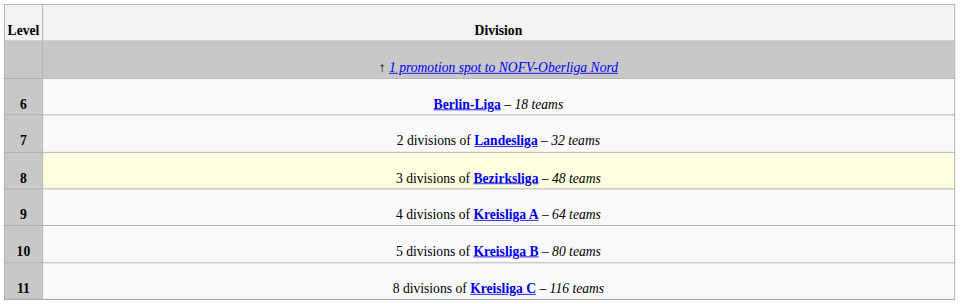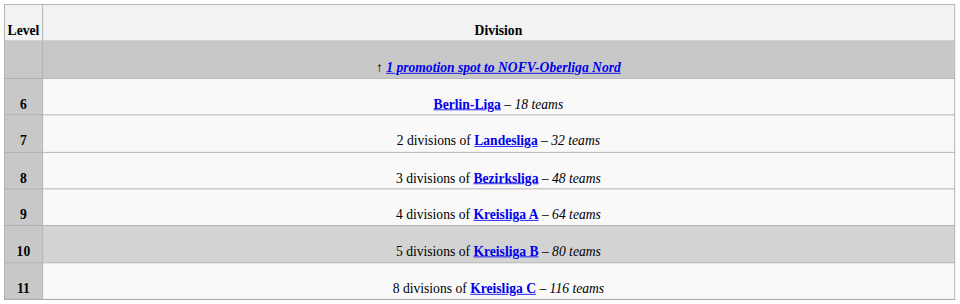 <table class="wikitable" style="text-align:center">
 <tr>
 <th colspan="1" width="4%"><br>Level</th>
 <th colspan="1"><br>Division</th>
 </tr>
 <tr style="background:#c8c8c8">
 <td colspan="1"></td>
-<td colspan="1"><br><em>↑ <a href='#'>1 promotion spot to NOFV-Oberliga Nord</a></em></td>
+<td colspan="1"><strong><br><em>↑ <a href='#'>1 promotion spot to NOFV-Oberliga Nord</a></em></strong></td>
 </tr>
 <tr>
 <td colspan="1" style="background:#c8c8c8"><br><strong>6</strong></td>
 <td colspan="1"><br><strong><a href='#'>Berlin-Liga</a></strong> – <em>18 teams</em></td>
 </tr>
 <tr>
 <td colspan="1" style="background:#c8c8c8"><br><strong>7</strong></td>
 <td colspan="1"><br>2 divisions of <strong><a href='#'>Landesliga</a></strong> – <em>32 teams</em></td>
 </tr>
 <tr>
 <td colspan="1" style="background:#c8c8c8"><br><strong>8</strong></td>
-<td colspan="1" style="background: lightyellow;"><br>3 divisions of <strong><a href='#'>Bezirksliga</a></strong> – <em>48 teams</em></td>
+<td colspan="1"><br>3 divisions of <strong><a href='#'>Bezirksliga</a></strong> – <em>48 teams</em></td>
 </tr>
 <tr>
 <td colspan="1" style="background:#c8c8c8"><br><strong>9</strong></td>
 <td colspan="1"><br>4 divisions of <strong><a href='#'>Kreisliga A</a></strong> – <em>64 teams</em></td>
 </tr>
 <tr>
 <td colspan="1" style="background:#c8c8c8"><br><strong>10</strong></td>
-<td colspan="1"><br>5 divisions of <strong><a href='#'>Kreisliga B</a></strong> – <em>80 teams</em></td>
+<td colspan="1" style="background: lightgrey;"><br>5 divisions of <strong><a href='#'>Kreisliga B</a></strong> – <em>80 teams</em></td>
 </tr>
 <tr>
 <td colspan="1" style="background:#c8c8c8"><br><strong>11</strong></td>
 <td colspan="1"><br>8 divisions of <strong><a href='#'>Kreisliga C</a></strong> – <em>116 teams</em></td>
 </tr>
 <tr>
 </tr>
 </table>
